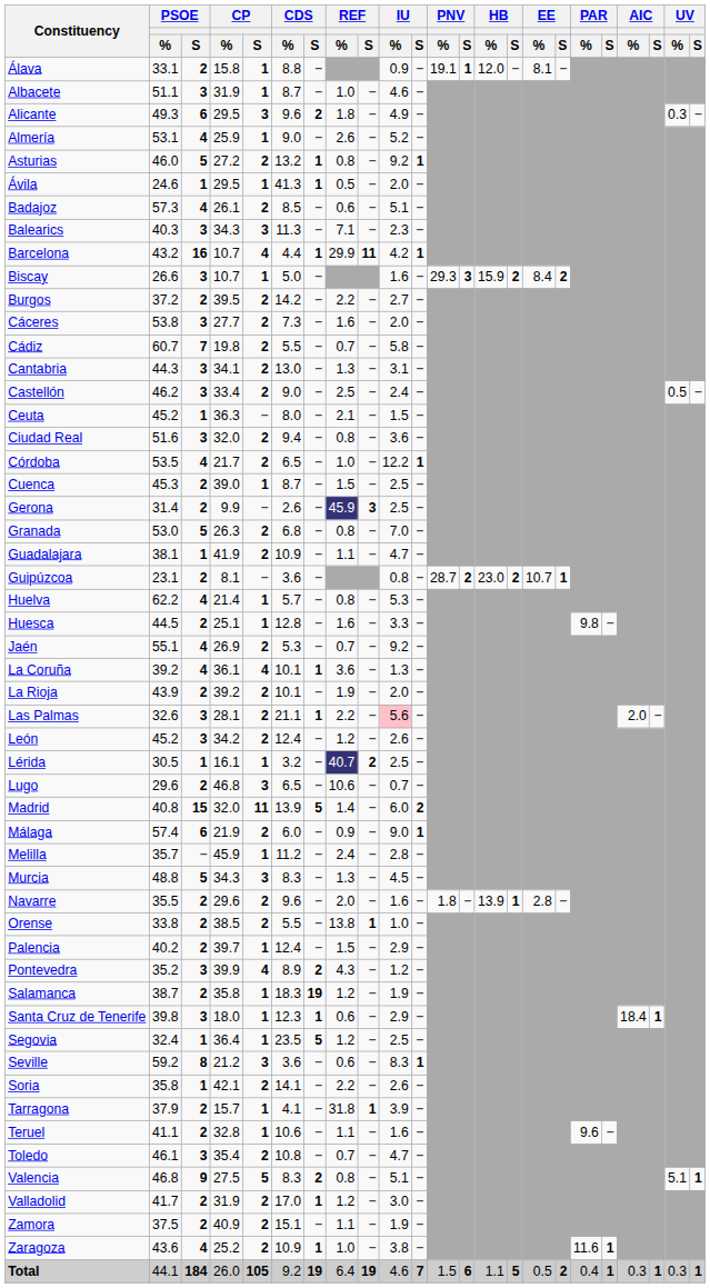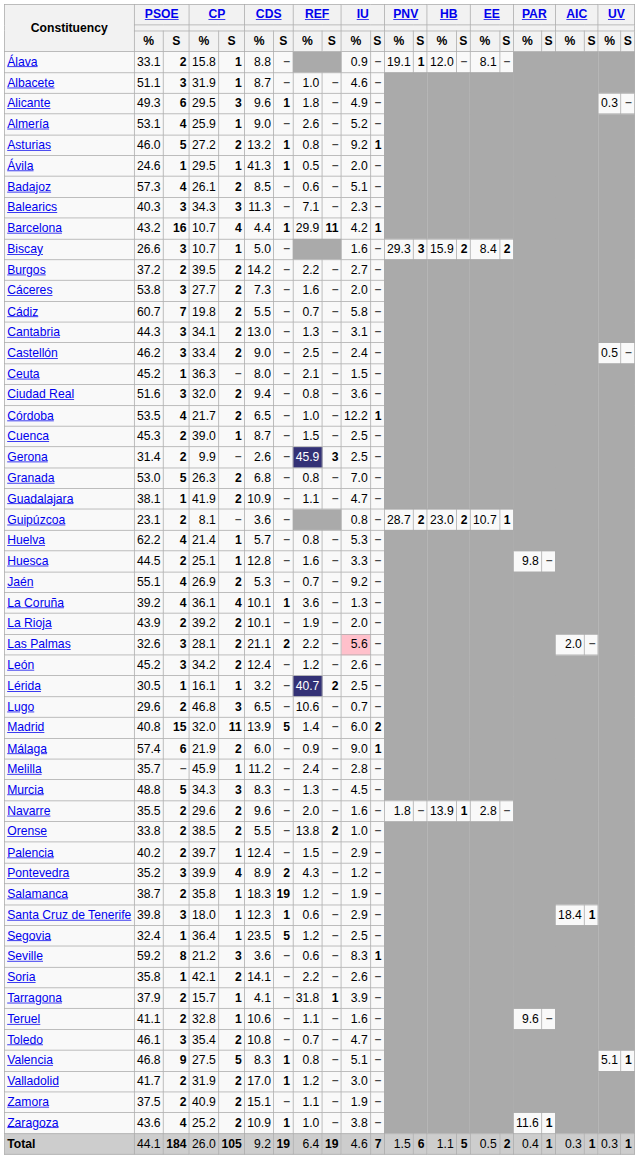 <table class="wikitable sortable" style="text-align:right; line-height:20px;">
 <tr>
 <th rowspan="3">Constituency</th>
 <th colspan="2" width="30px" class="unsortable"><a href='#'>PSOE</a></th>
 <th colspan="2" width="30px" class="unsortable"><a href='#'>CP</a></th>
 <th colspan="2" width="30px" class="unsortable"><a href='#'>CDS</a></th>
 <th colspan="2" width="30px" class="unsortable"><a href='#'>R</a><a href='#'>E</a><a href='#'>F</a></th>
 <th colspan="2" width="30px" class="unsortable"><a href='#'>IU</a></th>
 <th colspan="2" width="30px" class="unsortable"><a href='#'>PNV</a></th>
 <th colspan="2" width="30px" class="unsortable"><a href='#'>HB</a></th>
 <th colspan="2" width="30px" class="unsortable"><a href='#'>EE</a></th>
 <th colspan="2" width="30px" class="unsortable"><a href='#'>PAR</a></th>
 <th colspan="2" width="30px" class="unsortable"><a href='#'>AIC</a></th>
 <th colspan="2" width="30px" class="unsortable"><a href='#'>UV</a></th>
 </tr>
 <tr>
 <th colspan="2" style="background:"></th>
 <th colspan="2" style="background:"></th>
 <th colspan="2" style="background:"></th>
 <th colspan="2" style="background:"></th>
 <th colspan="2" style="background:"></th>
 <th colspan="2" style="background:"></th>
 <th colspan="2" style="background:"></th>
 <th colspan="2" style="background:"></th>
 <th colspan="2" style="background:"></th>
 <th colspan="2" style="background:"></th>
 <th colspan="2" style="background:"></th>
 </tr>
 <tr>
 <th data-sort-type="number">%</th>
 <th data-sort-type="number">S</th>
 <th data-sort-type="number">%</th>
 <th data-sort-type="number">S</th>
 <th data-sort-type="number">%</th>
 <th data-sort-type="number">S</th>
 <th data-sort-type="number">%</th>
 <th data-sort-type="number">S</th>
 <th data-sort-type="number">%</th>
 <th data-sort-type="number">S</th>
 <th data-sort-type="number">%</th>
 <th data-sort-type="number">S</th>
 <th data-sort-type="number">%</th>
 <th data-sort-type="number">S</th>
 <th data-sort-type="number">%</th>
 <th data-sort-type="number">S</th>
 <th data-sort-type="number">%</th>
 <th data-sort-type="number">S</th>
 <th data-sort-type="number">%</th>
 <th data-sort-type="number">S</th>
 <th data-sort-type="number">%</th>
 <th data-sort-type="number">S</th>
 </tr>
 <tr>
 <td style="text-align:left;"><a href='#'>Álava</a></td>
 <td style="background:">33.1</td>
 <td><strong>2</strong></td>
 <td>15.8</td>
 <td><strong>1</strong></td>
 <td>8.8</td>
 <td>−</td>
 <td colspan="2" bgcolor="#AAAAAA"></td>
 <td>0.9</td>
 <td>−</td>
 <td>19.1</td>
 <td><strong>1</strong></td>
 <td>12.0</td>
 <td>−</td>
 <td>8.1</td>
 <td>−</td>
 <td colspan="2" rowspan="24" bgcolor="#AAAAAA"></td>
 <td colspan="2" rowspan="28" bgcolor="#AAAAAA"></td>
 <td colspan="2" rowspan="2" bgcolor="#AAAAAA"></td>
 </tr>
 <tr>
 <td style="text-align:left;"><a href='#'>Albacete</a></td>
 <td style="background:">51.1</td>
 <td><strong>3</strong></td>
 <td>31.9</td>
 <td><strong>1</strong></td>
 <td>8.7</td>
 <td>−</td>
 <td>1.0</td>
 <td>−</td>
 <td>4.6</td>
 <td>−</td>
 <td colspan="2" rowspan="8" bgcolor="#AAAAAA"></td>
 <td colspan="2" rowspan="8" bgcolor="#AAAAAA"></td>
 <td colspan="2" rowspan="8" bgcolor="#AAAAAA"></td>
 </tr>
 <tr>
 <td style="text-align:left;"><a href='#'>Alicante</a></td>
 <td style="background:">49.3</td>
 <td><strong>6</strong></td>
 <td>29.5</td>
 <td><strong>3</strong></td>
 <td>9.6</td>
-<td><strong>2</strong></td>
+<td><strong>1</strong></td>
 <td>1.8</td>
 <td>−</td>
 <td>4.9</td>
 <td>−</td>
 <td>0.3</td>
 <td>−</td>
 </tr>
 <tr>
 <td style="text-align:left;"><a href='#'>Almería</a></td>
 <td style="background:">53.1</td>
 <td><strong>4</strong></td>
 <td>25.9</td>
 <td><strong>1</strong></td>
 <td>9.0</td>
 <td>−</td>
 <td>2.6</td>
 <td>−</td>
 <td>5.2</td>
 <td>−</td>
 <td colspan="2" rowspan="11" bgcolor="#AAAAAA"></td>
 </tr>
 <tr>
 <td style="text-align:left;"><a href='#'>Asturias</a></td>
 <td style="background:">46.0</td>
 <td><strong>5</strong></td>
 <td>27.2</td>
 <td><strong>2</strong></td>
 <td>13.2</td>
 <td><strong>1</strong></td>
 <td>0.8</td>
 <td>−</td>
 <td>9.2</td>
 <td><strong>1</strong></td>
 </tr>
 <tr>
 <td style="text-align:left;"><a href='#'>Ávila</a></td>
 <td>24.6</td>
 <td><strong>1</strong></td>
 <td>29.5</td>
 <td><strong>1</strong></td>
 <td style="background:">41.3</td>
 <td><strong>1</strong></td>
 <td>0.5</td>
 <td>−</td>
 <td>2.0</td>
 <td>−</td>
 </tr>
 <tr>
 <td style="text-align:left;"><a href='#'>Badajoz</a></td>
 <td style="background:">57.3</td>
 <td><strong>4</strong></td>
 <td>26.1</td>
 <td><strong>2</strong></td>
 <td>8.5</td>
 <td>−</td>
 <td>0.6</td>
 <td>−</td>
 <td>5.1</td>
 <td>−</td>
 </tr>
 <tr>
 <td style="text-align:left;"><a href='#'>Balearics</a></td>
 <td style="background:">40.3</td>
 <td><strong>3</strong></td>
 <td>34.3</td>
 <td><strong>3</strong></td>
 <td>11.3</td>
 <td>−</td>
 <td>7.1</td>
 <td>−</td>
 <td>2.3</td>
 <td>−</td>
 </tr>
 <tr>
 <td style="text-align:left;"><a href='#'>Barcelona</a></td>
 <td style="background:">43.2</td>
 <td><strong>16</strong></td>
 <td>10.7</td>
 <td><strong>4</strong></td>
 <td>4.4</td>
 <td><strong>1</strong></td>
 <td>29.9</td>
 <td><strong>11</strong></td>
 <td>4.2</td>
 <td><strong>1</strong></td>
 </tr>
 <tr>
 <td style="text-align:left;"><a href='#'>Biscay</a></td>
 <td>26.6</td>
 <td><strong>3</strong></td>
 <td>10.7</td>
 <td><strong>1</strong></td>
 <td>5.0</td>
 <td>−</td>
 <td colspan="2" bgcolor="#AAAAAA"></td>
 <td>1.6</td>
 <td>−</td>
 <td style="background:">29.3</td>
 <td><strong>3</strong></td>
 <td>15.9</td>
 <td><strong>2</strong></td>
 <td>8.4</td>
 <td><strong>2</strong></td>
 </tr>
 <tr>
 <td style="text-align:left;"><a href='#'>Burgos</a></td>
 <td>37.2</td>
 <td><strong>2</strong></td>
 <td style="background:">39.5</td>
 <td><strong>2</strong></td>
 <td>14.2</td>
 <td>−</td>
 <td>2.2</td>
 <td>−</td>
 <td>2.7</td>
 <td>−</td>
 <td colspan="2" rowspan="12" bgcolor="#AAAAAA"></td>
 <td colspan="2" rowspan="12" bgcolor="#AAAAAA"></td>
 <td colspan="2" rowspan="12" bgcolor="#AAAAAA"></td>
 </tr>
 <tr>
 <td style="text-align:left;"><a href='#'>Cáceres</a></td>
 <td style="background:">53.8</td>
 <td><strong>3</strong></td>
 <td>27.7</td>
 <td><strong>2</strong></td>
 <td>7.3</td>
 <td>−</td>
 <td>1.6</td>
 <td>−</td>
 <td>2.0</td>
 <td>−</td>
 </tr>
 <tr>
 <td style="text-align:left;"><a href='#'>Cádiz</a></td>
 <td style="background:">60.7</td>
 <td><strong>7</strong></td>
 <td>19.8</td>
 <td><strong>2</strong></td>
 <td>5.5</td>
 <td>−</td>
 <td>0.7</td>
 <td>−</td>
 <td>5.8</td>
 <td>−</td>
 </tr>
 <tr>
 <td style="text-align:left;"><a href='#'>Cantabria</a></td>
 <td style="background:">44.3</td>
 <td><strong>3</strong></td>
 <td>34.1</td>
 <td><strong>2</strong></td>
 <td>13.0</td>
 <td>−</td>
 <td>1.3</td>
 <td>−</td>
 <td>3.1</td>
 <td>−</td>
 </tr>
 <tr>
 <td style="text-align:left;"><a href='#'>Castellón</a></td>
 <td style="background:">46.2</td>
 <td><strong>3</strong></td>
 <td>33.4</td>
 <td><strong>2</strong></td>
 <td>9.0</td>
 <td>−</td>
 <td>2.5</td>
 <td>−</td>
 <td>2.4</td>
 <td>−</td>
 <td>0.5</td>
 <td>−</td>
 </tr>
 <tr>
 <td style="text-align:left;"><a href='#'>Ceuta</a></td>
 <td style="background:">45.2</td>
 <td><strong>1</strong></td>
 <td>36.3</td>
 <td>−</td>
 <td>8.0</td>
 <td>−</td>
 <td>2.1</td>
 <td>−</td>
 <td>1.5</td>
 <td>−</td>
 <td colspan="2" rowspan="33" bgcolor="#AAAAAA"></td>
 </tr>
 <tr>
 <td style="text-align:left;"><a href='#'>Ciudad Real</a></td>
 <td style="background:">51.6</td>
 <td><strong>3</strong></td>
 <td>32.0</td>
 <td><strong>2</strong></td>
 <td>9.4</td>
 <td>−</td>
 <td>0.8</td>
 <td>−</td>
 <td>3.6</td>
 <td>−</td>
 </tr>
 <tr>
 <td style="text-align:left;"><a href='#'>Córdoba</a></td>
 <td style="background:">53.5</td>
 <td><strong>4</strong></td>
 <td>21.7</td>
 <td><strong>2</strong></td>
 <td>6.5</td>
 <td>−</td>
 <td>1.0</td>
 <td>−</td>
 <td>12.2</td>
 <td><strong>1</strong></td>
 </tr>
 <tr>
 <td style="text-align:left;"><a href='#'>Cuenca</a></td>
 <td style="background:">45.3</td>
 <td><strong>2</strong></td>
 <td>39.0</td>
 <td><strong>1</strong></td>
 <td>8.7</td>
 <td>−</td>
 <td>1.5</td>
 <td>−</td>
 <td>2.5</td>
 <td>−</td>
 </tr>
 <tr>
 <td style="text-align:left;"><a href='#'>Gerona</a></td>
 <td>31.4</td>
 <td><strong>2</strong></td>
 <td>9.9</td>
 <td>−</td>
 <td>2.6</td>
 <td>−</td>
 <td style="background:#333176; color:white;">45.9</td>
 <td><strong>3</strong></td>
 <td>2.5</td>
 <td>−</td>
 </tr>
 <tr>
 <td style="text-align:left;"><a href='#'>Granada</a></td>
 <td style="background:">53.0</td>
 <td><strong>5</strong></td>
 <td>26.3</td>
 <td><strong>2</strong></td>
 <td>6.8</td>
 <td>−</td>
 <td>0.8</td>
 <td>−</td>
 <td>7.0</td>
 <td>−</td>
 </tr>
 <tr>
 <td style="text-align:left;"><a href='#'>Guadalajara</a></td>
 <td>38.1</td>
 <td><strong>1</strong></td>
 <td style="background:">41.9</td>
 <td><strong>2</strong></td>
 <td>10.9</td>
 <td>−</td>
 <td>1.1</td>
 <td>−</td>
 <td>4.7</td>
 <td>−</td>
 </tr>
 <tr>
 <td style="text-align:left;"><a href='#'>Guipúzcoa</a></td>
 <td>23.1</td>
 <td><strong>2</strong></td>
 <td>8.1</td>
 <td>−</td>
 <td>3.6</td>
 <td>−</td>
 <td colspan="2" bgcolor="#AAAAAA"></td>
 <td>0.8</td>
 <td>−</td>
 <td style="background:">28.7</td>
 <td><strong>2</strong></td>
 <td>23.0</td>
 <td><strong>2</strong></td>
 <td>10.7</td>
 <td><strong>1</strong></td>
 </tr>
 <tr>
 <td style="text-align:left;"><a href='#'>Huelva</a></td>
 <td style="background:">62.2</td>
 <td><strong>4</strong></td>
 <td>21.4</td>
 <td><strong>1</strong></td>
 <td>5.7</td>
 <td>−</td>
 <td>0.8</td>
 <td>−</td>
 <td>5.3</td>
 <td>−</td>
 <td colspan="2" rowspan="13" bgcolor="#AAAAAA"></td>
 <td colspan="2" rowspan="13" bgcolor="#AAAAAA"></td>
 <td colspan="2" rowspan="13" bgcolor="#AAAAAA"></td>
 </tr>
 <tr>
 <td style="text-align:left;"><a href='#'>Huesca</a></td>
 <td style="background:">44.5</td>
 <td><strong>2</strong></td>
 <td>25.1</td>
 <td><strong>1</strong></td>
 <td>12.8</td>
 <td>−</td>
 <td>1.6</td>
 <td>−</td>
 <td>3.3</td>
 <td>−</td>
 <td>9.8</td>
 <td>−</td>
 </tr>
 <tr>
 <td style="text-align:left;"><a href='#'>Jaén</a></td>
 <td style="background:">55.1</td>
 <td><strong>4</strong></td>
 <td>26.9</td>
 <td><strong>2</strong></td>
 <td>5.3</td>
 <td>−</td>
 <td>0.7</td>
 <td>−</td>
 <td>9.2</td>
 <td>−</td>
 <td colspan="2" rowspan="21" bgcolor="#AAAAAA"></td>
 </tr>
 <tr>
 <td style="text-align:left;"><a href='#'>La Coruña</a></td>
 <td style="background:">39.2</td>
 <td><strong>4</strong></td>
 <td>36.1</td>
 <td><strong>4</strong></td>
 <td>10.1</td>
 <td><strong>1</strong></td>
 <td>3.6</td>
 <td>−</td>
 <td>1.3</td>
 <td>−</td>
 </tr>
 <tr>
 <td style="text-align:left;"><a href='#'>La Rioja</a></td>
 <td style="background:">43.9</td>
 <td><strong>2</strong></td>
 <td>39.2</td>
 <td><strong>2</strong></td>
 <td>10.1</td>
 <td>−</td>
 <td>1.9</td>
 <td>−</td>
 <td>2.0</td>
 <td>−</td>
 </tr>
 <tr>
 <td style="text-align:left;"><a href='#'>Las Palmas</a></td>
 <td style="background:">32.6</td>
 <td><strong>3</strong></td>
 <td>28.1</td>
 <td><strong>2</strong></td>
 <td>21.1</td>
-<td><strong>1</strong></td>
+<td><strong>2</strong></td>
 <td>2.2</td>
 <td>−</td>
 <td style="background: pink;">5.6</td>
 <td>−</td>
 <td>2.0</td>
 <td>−</td>
 </tr>
 <tr>
 <td style="text-align:left;"><a href='#'>León</a></td>
 <td style="background:">45.2</td>
 <td><strong>3</strong></td>
 <td>34.2</td>
 <td><strong>2</strong></td>
 <td>12.4</td>
 <td>−</td>
 <td>1.2</td>
 <td>−</td>
 <td>2.6</td>
 <td>−</td>
 <td colspan="2" rowspan="12" bgcolor="#AAAAAA"></td>
 </tr>
 <tr>
 <td style="text-align:left;"><a href='#'>Lérida</a></td>
 <td>30.5</td>
 <td><strong>1</strong></td>
 <td>16.1</td>
 <td><strong>1</strong></td>
 <td>3.2</td>
 <td>−</td>
 <td style="background:#333176; color:white;">40.7</td>
 <td><strong>2</strong></td>
 <td>2.5</td>
 <td>−</td>
 </tr>
 <tr>
 <td style="text-align:left;"><a href='#'>Lugo</a></td>
 <td>29.6</td>
 <td><strong>2</strong></td>
 <td style="background:">46.8</td>
 <td><strong>3</strong></td>
 <td>6.5</td>
 <td>−</td>
 <td>10.6</td>
 <td>−</td>
 <td>0.7</td>
 <td>−</td>
 </tr>
 <tr>
 <td style="text-align:left;"><a href='#'>Madrid</a></td>
 <td style="background:">40.8</td>
 <td><strong>15</strong></td>
 <td>32.0</td>
 <td><strong>11</strong></td>
 <td>13.9</td>
 <td><strong>5</strong></td>
 <td>1.4</td>
 <td>−</td>
 <td>6.0</td>
 <td><strong>2</strong></td>
 </tr>
 <tr>
 <td style="text-align:left;"><a href='#'>Málaga</a></td>
 <td style="background:">57.4</td>
 <td><strong>6</strong></td>
 <td>21.9</td>
 <td><strong>2</strong></td>
 <td>6.0</td>
 <td>−</td>
 <td>0.9</td>
 <td>−</td>
 <td>9.0</td>
 <td><strong>1</strong></td>
 </tr>
 <tr>
 <td style="text-align:left;"><a href='#'>Melilla</a></td>
 <td>35.7</td>
 <td>−</td>
 <td style="background:">45.9</td>
 <td><strong>1</strong></td>
 <td>11.2</td>
 <td>−</td>
 <td>2.4</td>
 <td>−</td>
 <td>2.8</td>
 <td>−</td>
 </tr>
 <tr>
 <td style="text-align:left;"><a href='#'>Murcia</a></td>
 <td style="background:">48.8</td>
 <td><strong>5</strong></td>
 <td>34.3</td>
 <td><strong>3</strong></td>
 <td>8.3</td>
 <td>−</td>
 <td>1.3</td>
 <td>−</td>
 <td>4.5</td>
 <td>−</td>
 </tr>
 <tr>
 <td style="text-align:left;"><a href='#'>Navarre</a></td>
 <td style="background:">35.5</td>
 <td><strong>2</strong></td>
 <td>29.6</td>
 <td><strong>2</strong></td>
 <td>9.6</td>
 <td>−</td>
 <td>2.0</td>
 <td>−</td>
 <td>1.6</td>
 <td>−</td>
 <td>1.8</td>
 <td>−</td>
 <td>13.9</td>
 <td><strong>1</strong></td>
 <td>2.8</td>
 <td>−</td>
 </tr>
 <tr>
 <td style="text-align:left;"><a href='#'>Orense</a></td>
 <td>33.8</td>
 <td><strong>2</strong></td>
 <td style="background:">38.5</td>
 <td><strong>2</strong></td>
 <td>5.5</td>
 <td>−</td>
 <td>13.8</td>
-<td><strong>1</strong></td>
+<td><strong>2</strong></td>
 <td>1.0</td>
 <td>−</td>
 <td colspan="2" rowspan="15" bgcolor="#AAAAAA"></td>
 <td colspan="2" rowspan="15" bgcolor="#AAAAAA"></td>
 <td colspan="2" rowspan="15" bgcolor="#AAAAAA"></td>
 </tr>
 <tr>
 <td style="text-align:left;"><a href='#'>Palencia</a></td>
 <td style="background:">40.2</td>
 <td><strong>2</strong></td>
 <td>39.7</td>
 <td><strong>1</strong></td>
 <td>12.4</td>
 <td>−</td>
 <td>1.5</td>
 <td>−</td>
 <td>2.9</td>
 <td>−</td>
 </tr>
 <tr>
 <td style="text-align:left;"><a href='#'>Pontevedra</a></td>
 <td>35.2</td>
 <td><strong>3</strong></td>
 <td style="background:">39.9</td>
 <td><strong>4</strong></td>
 <td>8.9</td>
 <td><strong>2</strong></td>
 <td>4.3</td>
 <td>−</td>
 <td>1.2</td>
 <td>−</td>
 </tr>
 <tr>
 <td style="text-align:left;"><a href='#'>Salamanca</a></td>
 <td style="background:">38.7</td>
 <td><strong>2</strong></td>
 <td>35.8</td>
 <td><strong>1</strong></td>
 <td>18.3</td>
 <td><strong>19</strong></td>
 <td>1.2</td>
 <td>−</td>
 <td>1.9</td>
 <td>−</td>
 </tr>
 <tr>
 <td style="text-align:left;"><a href='#'>Santa Cruz de Tenerife</a></td>
 <td style="background:">39.8</td>
 <td><strong>3</strong></td>
 <td>18.0</td>
 <td><strong>1</strong></td>
 <td>12.3</td>
 <td><strong>1</strong></td>
 <td>0.6</td>
 <td>−</td>
 <td>2.9</td>
 <td>−</td>
 <td>18.4</td>
 <td><strong>1</strong></td>
 </tr>
 <tr>
 <td style="text-align:left;"><a href='#'>Segovia</a></td>
 <td>32.4</td>
 <td><strong>1</strong></td>
 <td style="background:">36.4</td>
 <td><strong>1</strong></td>
 <td>23.5</td>
 <td><strong>5</strong></td>
 <td>1.2</td>
 <td>−</td>
 <td>2.5</td>
 <td>−</td>
 <td colspan="2" rowspan="10" bgcolor="#AAAAAA"></td>
 </tr>
 <tr>
 <td style="text-align:left;"><a href='#'>Seville</a></td>
 <td style="background:">59.2</td>
 <td><strong>8</strong></td>
 <td>21.2</td>
 <td><strong>3</strong></td>
 <td>3.6</td>
 <td>−</td>
 <td>0.6</td>
 <td>−</td>
 <td>8.3</td>
 <td><strong>1</strong></td>
 </tr>
 <tr>
 <td style="text-align:left;"><a href='#'>Soria</a></td>
 <td>35.8</td>
 <td><strong>1</strong></td>
 <td style="background:">42.1</td>
 <td><strong>2</strong></td>
 <td>14.1</td>
 <td>−</td>
 <td>2.2</td>
 <td>−</td>
 <td>2.6</td>
 <td>−</td>
 </tr>
 <tr>
 <td style="text-align:left;"><a href='#'>Tarragona</a></td>
 <td style="background:">37.9</td>
 <td><strong>2</strong></td>
 <td>15.7</td>
 <td><strong>1</strong></td>
 <td>4.1</td>
 <td>−</td>
 <td>31.8</td>
 <td><strong>1</strong></td>
 <td>3.9</td>
 <td>−</td>
 </tr>
 <tr>
 <td style="text-align:left;"><a href='#'>Teruel</a></td>
 <td style="background:">41.1</td>
 <td><strong>2</strong></td>
 <td>32.8</td>
 <td><strong>1</strong></td>
 <td>10.6</td>
 <td>−</td>
 <td>1.1</td>
 <td>−</td>
 <td>1.6</td>
 <td>−</td>
 <td>9.6</td>
 <td>−</td>
 </tr>
 <tr>
 <td style="text-align:left;"><a href='#'>Toledo</a></td>
 <td style="background:">46.1</td>
 <td><strong>3</strong></td>
 <td>35.4</td>
 <td><strong>2</strong></td>
 <td>10.8</td>
 <td>−</td>
 <td>0.7</td>
 <td>−</td>
 <td>4.7</td>
 <td>−</td>
 <td colspan="2" rowspan="4" bgcolor="#AAAAAA"></td>
 </tr>
 <tr>
 <td style="text-align:left;"><a href='#'>Valencia</a></td>
 <td style="background:">46.8</td>
 <td><strong>9</strong></td>
 <td>27.5</td>
 <td><strong>5</strong></td>
 <td>8.3</td>
-<td><strong>2</strong></td>
+<td><strong>1</strong></td>
 <td>0.8</td>
 <td>−</td>
 <td>5.1</td>
 <td>−</td>
 <td>5.1</td>
 <td><strong>1</strong></td>
 </tr>
 <tr>
 <td style="text-align:left;"><a href='#'>Valladolid</a></td>
 <td style="background:">41.7</td>
 <td><strong>2</strong></td>
 <td>31.9</td>
 <td><strong>2</strong></td>
 <td>17.0</td>
 <td><strong>1</strong></td>
 <td>1.2</td>
 <td>−</td>
 <td>3.0</td>
 <td>−</td>
 <td colspan="2" rowspan="3" bgcolor="#AAAAAA"></td>
 </tr>
 <tr>
 <td style="text-align:left;"><a href='#'>Zamora</a></td>
 <td>37.5</td>
 <td><strong>2</strong></td>
 <td style="background:">40.9</td>
 <td><strong>2</strong></td>
 <td>15.1</td>
 <td>−</td>
 <td>1.1</td>
 <td>−</td>
 <td>1.9</td>
 <td>−</td>
 </tr>
 <tr>
 <td style="text-align:left;"><a href='#'>Zaragoza</a></td>
 <td style="background:">43.6</td>
 <td><strong>4</strong></td>
 <td>25.2</td>
 <td><strong>2</strong></td>
 <td>10.9</td>
 <td><strong>1</strong></td>
 <td>1.0</td>
 <td>−</td>
 <td>3.8</td>
 <td>−</td>
 <td>11.6</td>
 <td><strong>1</strong></td>
 </tr>
 <tr style="background:#CDCDCD;">
 <td align="left"><strong>Total</strong></td>
 <td style="background:">44.1</td>
 <td><strong>184</strong></td>
 <td>26.0</td>
 <td><strong>105</strong></td>
 <td>9.2</td>
 <td><strong>19</strong></td>
 <td>6.4</td>
 <td><strong>19</strong></td>
 <td>4.6</td>
 <td><strong>7</strong></td>
 <td>1.5</td>
 <td><strong>6</strong></td>
 <td>1.1</td>
 <td><strong>5</strong></td>
 <td>0.5</td>
 <td><strong>2</strong></td>
 <td>0.4</td>
 <td><strong>1</strong></td>
 <td>0.3</td>
 <td><strong>1</strong></td>
 <td>0.3</td>
 <td><strong>1</strong></td>
 </tr>
 </table>
